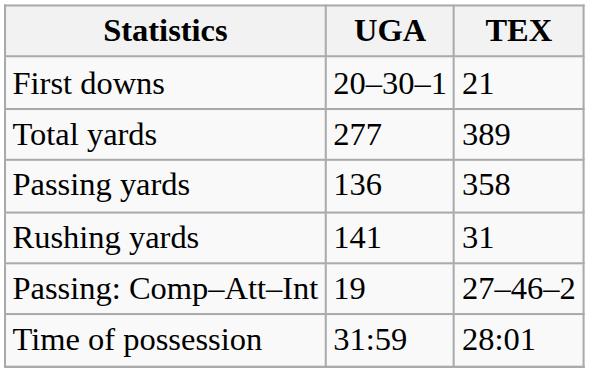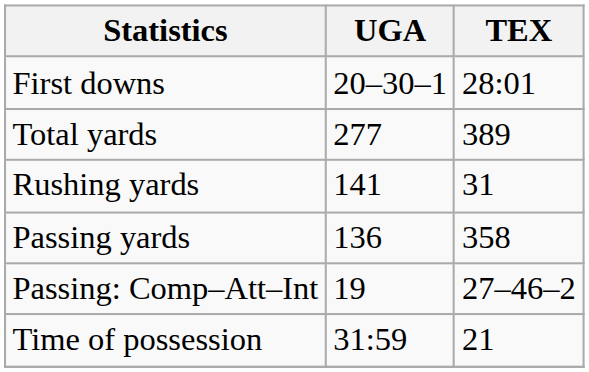 <table class="wikitable" style="float: left;">
 <tr>
 <th>Statistics</th>
 <th>UGA</th>
 <th>TEX</th>
 </tr>
 <tr>
 <td>First downs</td>
 <td>20–30–1</td>
-<td>21</td>
+<td>28:01</td>
 </tr>
 <tr>
 <td>Total yards</td>
 <td>277</td>
 <td>389</td>
 </tr>
 <tr>
+<td>Rushing yards</td>
+<td>141</td>
+<td>31</td>
+</tr>
+<tr>
 <td>Passing yards</td>
 <td>136</td>
 <td>358</td>
-</tr>
-<tr>
-<td>Rushing yards</td>
-<td>141</td>
-<td>31</td>
 </tr>
 <tr>
 <td>Passing: Comp–Att–Int</td>
 <td>19</td>
 <td>27–46–2</td>
 </tr>
 <tr>
 <td>Time of possession</td>
 <td>31:59</td>
-<td>28:01</td>
+<td>21</td>
 </tr>
 <tr>
 </tr>
 </table>
